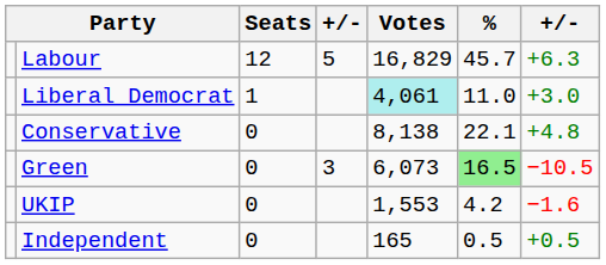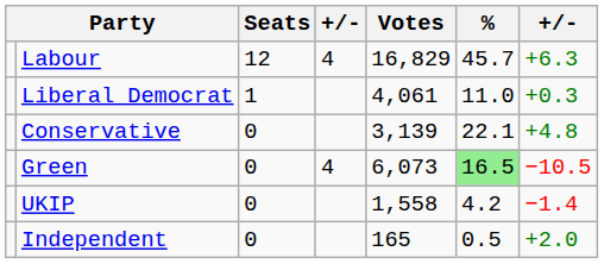 <table class="wikitable">
 <tr>
 <th colspan="2">Party</th>
 <th>Seats</th>
 <th>+/-</th>
 <th>Votes</th>
 <th>%</th>
 <th>+/-</th>
 </tr>
 <tr>
 <td style="background-color: "></td>
 <td><a href='#'>Labour</a></td>
 <td>12</td>
-<td> 5</td>
+<td> 4</td>
 <td>16,829</td>
 <td>45.7</td>
 <td style="color:green">+6.3</td>
 </tr>
 <tr>
 <td style="background-color: "></td>
 <td><a href='#'>Liberal Democrat</a></td>
 <td>1</td>
 <td></td>
-<td style="background: paleturquoise;">4,061</td>
+<td>4,061</td>
 <td>11.0</td>
-<td style="color:green">+3.0</td>
+<td style="color:green">+0.3</td>
 </tr>
 <tr>
 <td style="background-color: "></td>
 <td><a href='#'>Conservative</a></td>
 <td>0</td>
 <td></td>
-<td>8,138</td>
+<td>3,139</td>
 <td>22.1</td>
 <td style="color:green">+4.8</td>
 </tr>
 <tr>
 <td style="background-color: "></td>
 <td><a href='#'>Green</a></td>
 <td>0</td>
-<td> 3</td>
+<td> 4</td>
 <td>6,073</td>
 <td style="background: lightgreen;">16.5</td>
 <td style="color:red">−10.5</td>
 </tr>
 <tr>
 <td style="background-color:"></td>
 <td><a href='#'>UKIP</a></td>
 <td>0</td>
 <td></td>
-<td>1,553</td>
+<td>1,558</td>
 <td>4.2</td>
-<td style="color:red">−1.6</td>
+<td style="color:red">−1.4</td>
 </tr>
 <tr>
 <td style="background-color: "></td>
 <td><a href='#'>Independent</a></td>
 <td>0</td>
 <td></td>
 <td>165</td>
 <td>0.5</td>
-<td style="color:green">+0.5</td>
+<td style="color:green">+2.0</td>
 </tr>
 </table>
